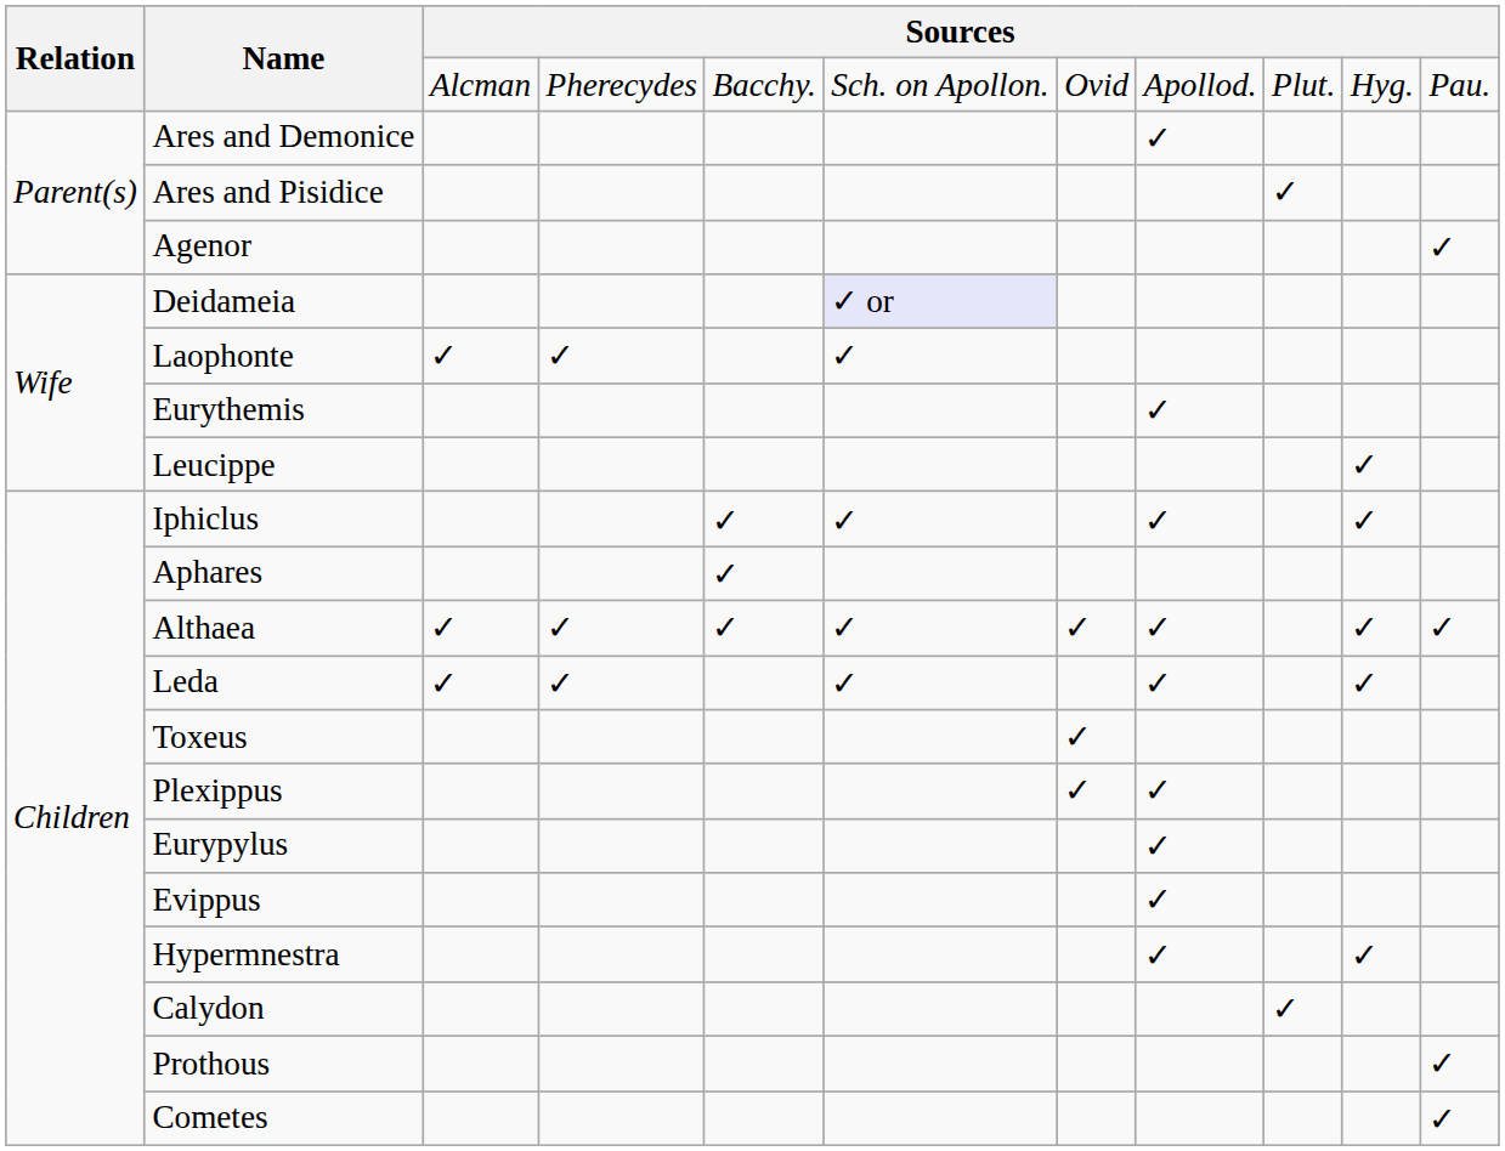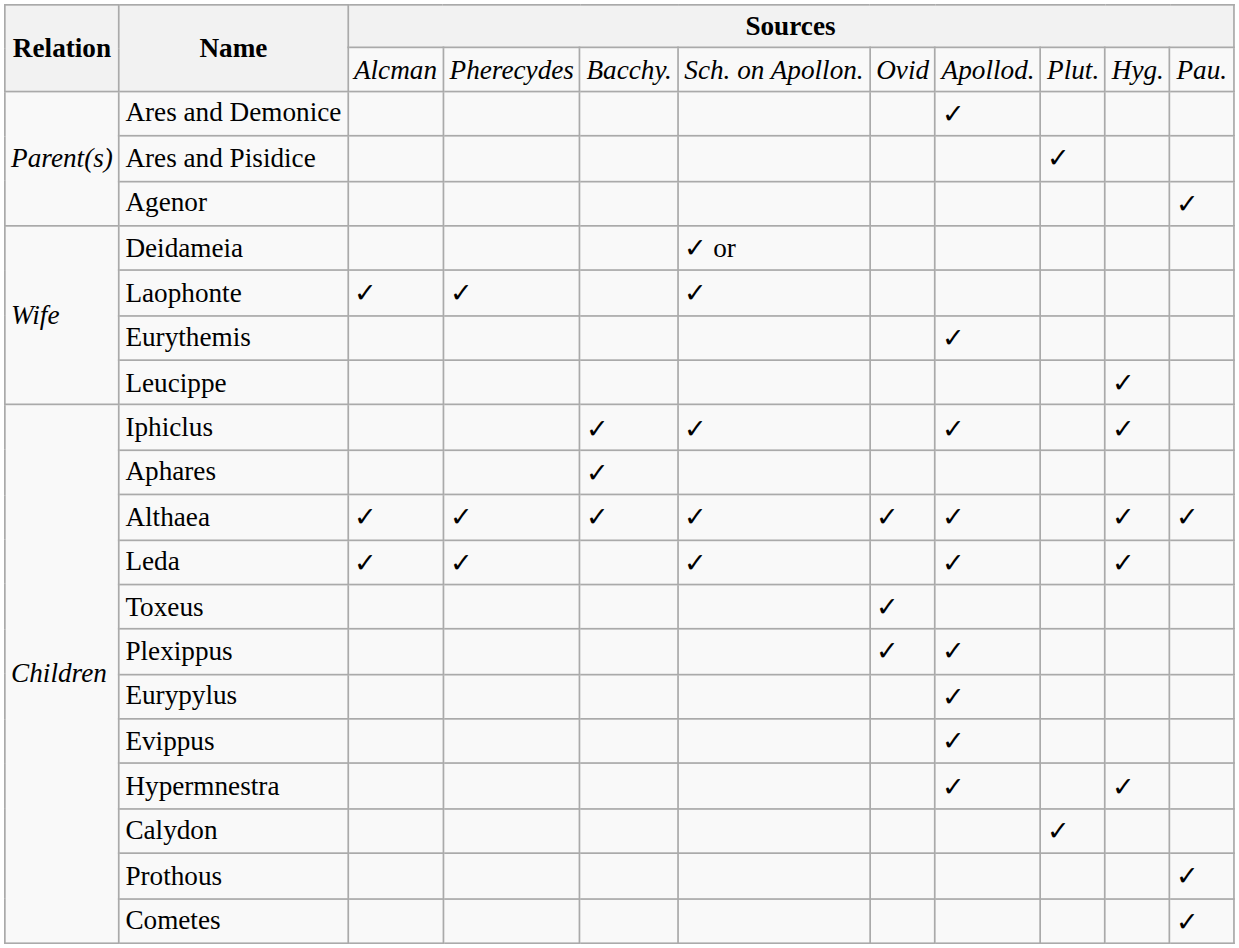 <table class="wikitable">
 <tr>
 <th rowspan="2">Relation</th>
 <th rowspan="2">Name</th>
 <th colspan="9">Sources</th>
 </tr>
 <tr>
 <td><em>Alcman</em></td>
 <td><em>Pherecydes</em></td>
 <td><em>Bacchy.</em></td>
 <td><em>Sch. on Apollon.</em></td>
 <td><em>Ovid</em></td>
 <td><em>Apollod.</em></td>
 <td><em>Plut.</em></td>
 <td><em>Hyg.</em></td>
 <td><em>Pau.</em></td>
 </tr>
 <tr>
 <td rowspan="3"><em>Parent(s)</em></td>
 <td>Ares and Demonice</td>
 <td></td>
 <td></td>
 <td></td>
 <td></td>
 <td></td>
 <td>✓</td>
 <td></td>
 <td></td>
 <td></td>
 </tr>
 <tr>
 <td>Ares and Pisidice</td>
 <td></td>
 <td></td>
 <td></td>
 <td></td>
 <td></td>
 <td></td>
 <td>✓</td>
 <td></td>
 <td></td>
 </tr>
 <tr>
 <td>Agenor</td>
 <td></td>
 <td></td>
 <td></td>
 <td></td>
 <td></td>
 <td></td>
 <td></td>
 <td></td>
 <td>✓</td>
 </tr>
 <tr>
 <td rowspan="4"><em>Wife</em></td>
 <td>Deidameia</td>
 <td></td>
 <td></td>
 <td></td>
-<td style="background: lavender;">✓ or</td>
+<td>✓ or</td>
 <td></td>
 <td></td>
 <td></td>
 <td></td>
 <td></td>
 </tr>
 <tr>
 <td>Laophonte</td>
 <td>✓</td>
 <td>✓</td>
 <td></td>
 <td>✓</td>
 <td></td>
 <td></td>
 <td></td>
 <td></td>
 <td></td>
 </tr>
 <tr>
 <td>Eurythemis</td>
 <td></td>
 <td></td>
 <td></td>
 <td></td>
 <td></td>
 <td>✓</td>
 <td></td>
 <td></td>
 <td></td>
 </tr>
 <tr>
 <td>Leucippe</td>
 <td></td>
 <td></td>
 <td></td>
 <td></td>
 <td></td>
 <td></td>
 <td></td>
 <td>✓</td>
 <td></td>
 </tr>
 <tr>
 <td rowspan="12"><em>Children</em></td>
 <td>Iphiclus</td>
 <td></td>
 <td></td>
 <td>✓</td>
 <td>✓</td>
 <td></td>
 <td>✓</td>
 <td></td>
 <td>✓</td>
 <td></td>
 </tr>
 <tr>
 <td>Aphares</td>
 <td></td>
 <td></td>
 <td>✓</td>
 <td></td>
 <td></td>
 <td></td>
 <td></td>
 <td></td>
 <td></td>
 </tr>
 <tr>
 <td>Althaea</td>
 <td>✓</td>
 <td>✓</td>
 <td>✓</td>
 <td>✓</td>
 <td>✓</td>
 <td>✓</td>
 <td></td>
 <td>✓</td>
 <td>✓</td>
 </tr>
 <tr>
 <td>Leda</td>
 <td>✓</td>
 <td>✓</td>
 <td></td>
 <td>✓</td>
 <td></td>
 <td>✓</td>
 <td></td>
 <td>✓</td>
 <td></td>
 </tr>
 <tr>
 <td>Toxeus</td>
 <td></td>
 <td></td>
 <td></td>
 <td></td>
 <td>✓</td>
 <td></td>
 <td></td>
 <td></td>
 <td></td>
 </tr>
 <tr>
 <td>Plexippus</td>
 <td></td>
 <td></td>
 <td></td>
 <td></td>
 <td>✓</td>
 <td>✓</td>
 <td></td>
 <td></td>
 <td></td>
 </tr>
 <tr>
 <td>Eurypylus</td>
 <td></td>
 <td></td>
 <td></td>
 <td></td>
 <td></td>
 <td>✓</td>
 <td></td>
 <td></td>
 <td></td>
 </tr>
 <tr>
 <td>Evippus</td>
 <td></td>
 <td></td>
 <td></td>
 <td></td>
 <td></td>
 <td>✓</td>
 <td></td>
 <td></td>
 <td></td>
 </tr>
 <tr>
 <td>Hypermnestra</td>
 <td></td>
 <td></td>
 <td></td>
 <td></td>
 <td></td>
 <td>✓</td>
 <td></td>
 <td>✓</td>
 <td></td>
 </tr>
 <tr>
 <td>Calydon</td>
 <td></td>
 <td></td>
 <td></td>
 <td></td>
 <td></td>
 <td></td>
 <td>✓</td>
 <td></td>
 <td></td>
 </tr>
 <tr>
 <td>Prothous</td>
 <td></td>
 <td></td>
 <td></td>
 <td></td>
 <td></td>
 <td></td>
 <td></td>
 <td></td>
 <td>✓</td>
 </tr>
 <tr>
 <td>Cometes</td>
 <td></td>
 <td></td>
 <td></td>
 <td></td>
 <td></td>
 <td></td>
 <td></td>
 <td></td>
 <td>✓</td>
 </tr>
 </table>
